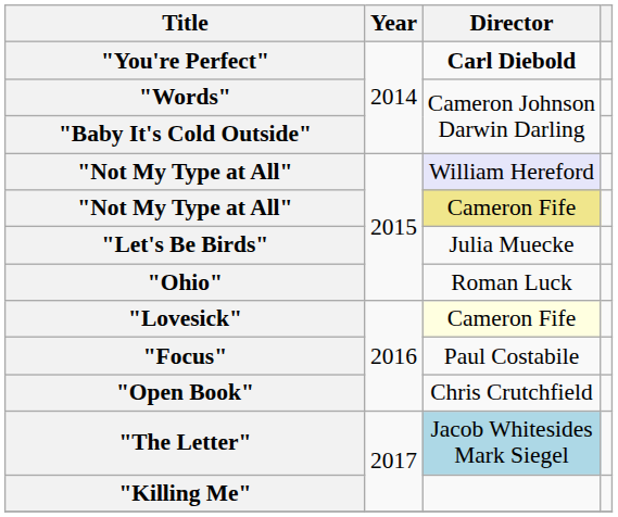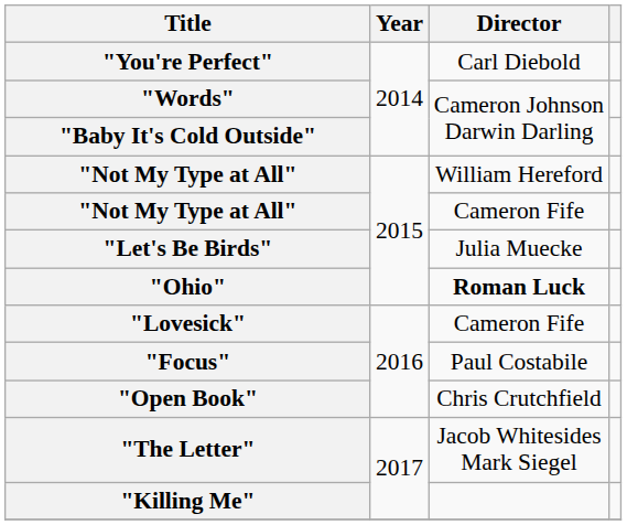 <table class="wikitable plainrowheaders" border="1" style="text-align:center;">
 <tr>
 <th scope="col" style="width:15em;">Title</th>
 <th scope="col">Year</th>
 <th scope="col">Director</th>
 <th scope="col"></th>
 </tr>
 <tr>
 <th scope="row">"You're Perfect"</th>
 <td rowspan="3">2014</td>
-<td><strong>Carl Diebold</strong></td>
+<td>Carl Diebold</td>
 <td></td>
 </tr>
 <tr>
 <th scope="row">"Words"</th>
 <td rowspan="2">Cameron Johnson<br>Darwin Darling</td>
 <td></td>
 </tr>
 <tr>
 <th scope="row">"Baby It's Cold Outside"<br></th>
 <td></td>
 </tr>
 <tr>
 <th scope="row">"Not My Type at All" </th>
 <td rowspan="4">2015</td>
-<td style="background: lavender;">William Hereford</td>
+<td>William Hereford</td>
 <td></td>
 </tr>
 <tr>
 <th scope="row">"Not My Type at All"</th>
-<td style="background: khaki;">Cameron Fife</td>
+<td>Cameron Fife</td>
 <td></td>
 </tr>
 <tr>
 <th scope="row">"Let's Be Birds"</th>
 <td>Julia Muecke</td>
 <td></td>
 </tr>
 <tr>
 <th scope="row">"Ohio"</th>
-<td>Roman Luck</td>
+<td><strong>Roman Luck</strong></td>
 <td></td>
 </tr>
 <tr>
 <th scope="row">"Lovesick"</th>
 <td rowspan="3">2016</td>
-<td style="background: lightyellow;">Cameron Fife</td>
+<td>Cameron Fife</td>
 <td></td>
 </tr>
 <tr>
 <th scope="row">"Focus"</th>
 <td>Paul Costabile</td>
 <td></td>
 </tr>
 <tr>
 <th scope="row">"Open Book"</th>
 <td>Chris Crutchfield</td>
 <td></td>
 </tr>
 <tr>
 <th scope="row">"The Letter"</th>
 <td rowspan="2">2017</td>
-<td style="background: lightblue;">Jacob Whitesides<br>Mark Siegel</td>
+<td>Jacob Whitesides<br>Mark Siegel</td>
 <td></td>
 </tr>
 <tr>
 <th scope="row">"Killing Me"</th>
 <td></td>
 <td></td>
 </tr>
 <tr>
 </tr>
 </table>
